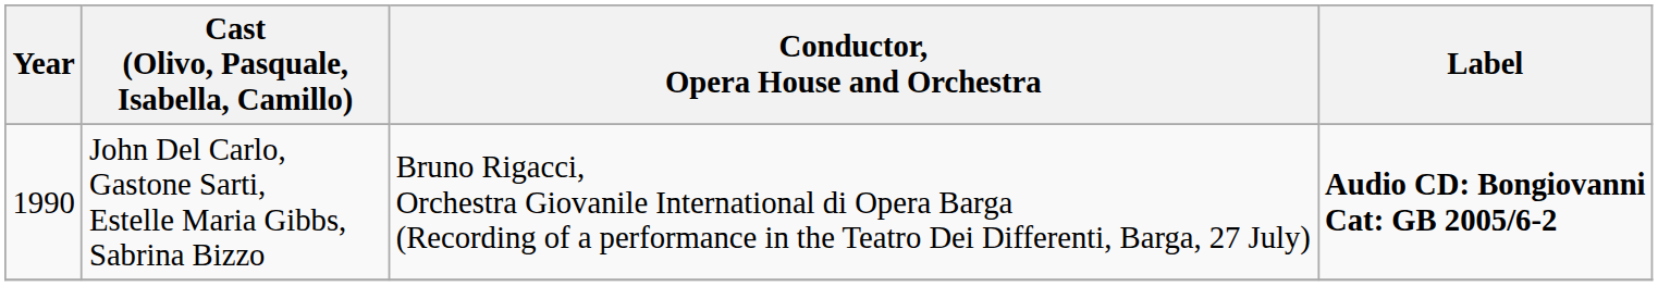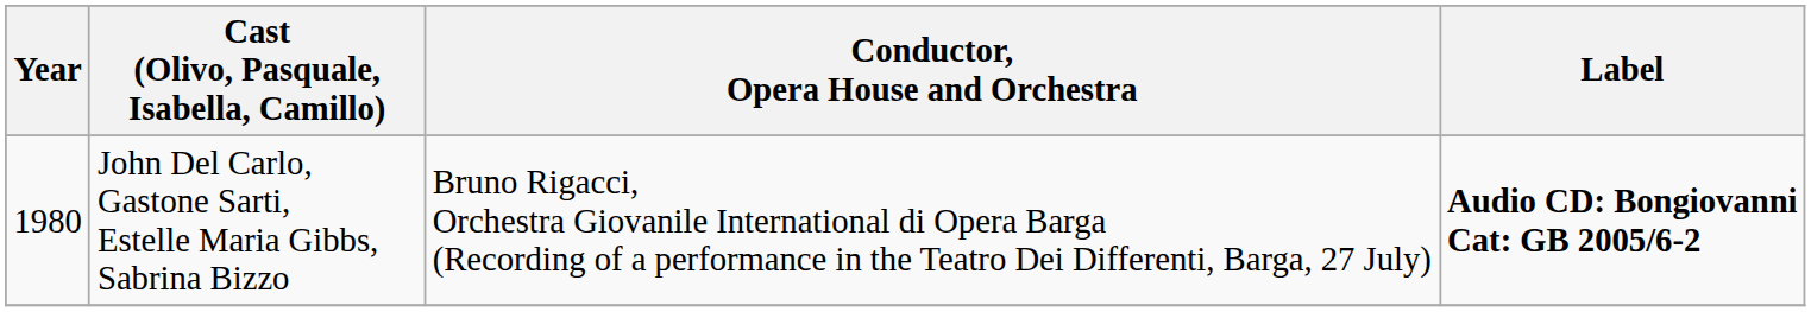 <table class="wikitable">
 <tr>
 <th>Year</th>
 <th width="150">Cast <br>(Olivo, Pasquale, Isabella, Camillo)</th>
 <th>Conductor,<br>Opera House and Orchestra</th>
 <th>Label</th>
 </tr>
 <tr>
-<td>1990</td>
+<td>1980</td>
 <td>John Del Carlo,<br>Gastone Sarti,<br>Estelle Maria Gibbs,<br>Sabrina Bizzo</td>
 <td>Bruno Rigacci,<br>Orchestra Giovanile International di Opera Barga<br>(Recording of a performance in the Teatro Dei Differenti, Barga, 27 July)</td>
 <td><strong>Audio CD: Bongiovanni<br>Cat: GB 2005/6-2</strong></td>
 </tr>
 <tr>
 </tr>
 </table>
